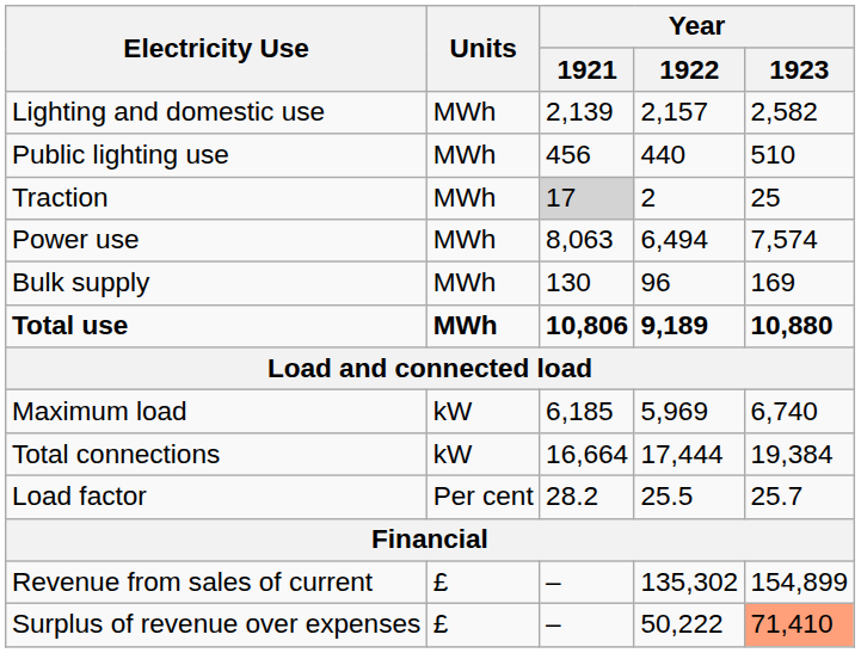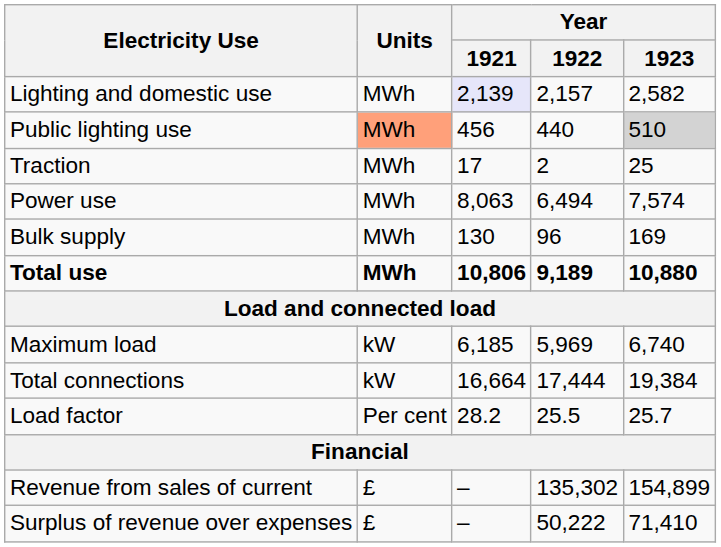 <table class="wikitable">
 <tr>
 <th rowspan="2">Electricity  Use</th>
 <th rowspan="2">Units</th>
 <th colspan="3">Year</th>
 </tr>
 <tr>
 <th>1921</th>
 <th>1922</th>
 <th>1923</th>
 </tr>
 <tr>
 <td>Lighting  and domestic use</td>
 <td>MWh</td>
-<td>2,139</td>
+<td style="background: lavender;">2,139</td>
 <td>2,157</td>
 <td>2,582</td>
 </tr>
 <tr>
 <td>Public  lighting use</td>
-<td>MWh</td>
+<td style="background: lightsalmon;">MWh</td>
 <td>456</td>
 <td>440</td>
-<td>510</td>
+<td style="background: lightgrey;">510</td>
 </tr>
 <tr>
 <td>Traction</td>
 <td>MWh</td>
-<td style="background: lightgrey;">17</td>
+<td>17</td>
 <td>2</td>
 <td>25</td>
 </tr>
 <tr>
 <td>Power  use</td>
 <td>MWh</td>
 <td>8,063</td>
 <td>6,494</td>
 <td>7,574</td>
 </tr>
 <tr>
 <td>Bulk  supply</td>
 <td>MWh</td>
 <td>130</td>
 <td>96</td>
 <td>169</td>
 </tr>
 <tr>
 <td><strong>Total  use</strong></td>
 <td><strong>MWh</strong></td>
 <td><strong>10,806</strong></td>
 <td><strong>9,189</strong></td>
 <td><strong>10,880</strong></td>
 </tr>
 <tr>
 <th colspan="5">Load  and connected load</th>
 </tr>
 <tr>
 <td>Maximum  load</td>
 <td>kW</td>
 <td>6,185</td>
 <td>5,969</td>
 <td>6,740</td>
 </tr>
 <tr>
 <td>Total  connections</td>
 <td>kW</td>
 <td>16,664</td>
 <td>17,444</td>
 <td>19,384</td>
 </tr>
 <tr>
 <td>Load  factor</td>
 <td>Per  cent</td>
 <td>28.2</td>
 <td>25.5</td>
 <td>25.7</td>
 </tr>
 <tr>
 <th colspan="5">Financial</th>
 </tr>
 <tr>
 <td>Revenue  from sales of current</td>
 <td>£</td>
 <td>–</td>
 <td>135,302</td>
 <td>154,899</td>
 </tr>
 <tr>
 <td>Surplus  of revenue over expenses</td>
 <td>£</td>
 <td>–</td>
 <td>50,222</td>
-<td style="background: lightsalmon;">71,410</td>
+<td>71,410</td>
 </tr>
 </table>
